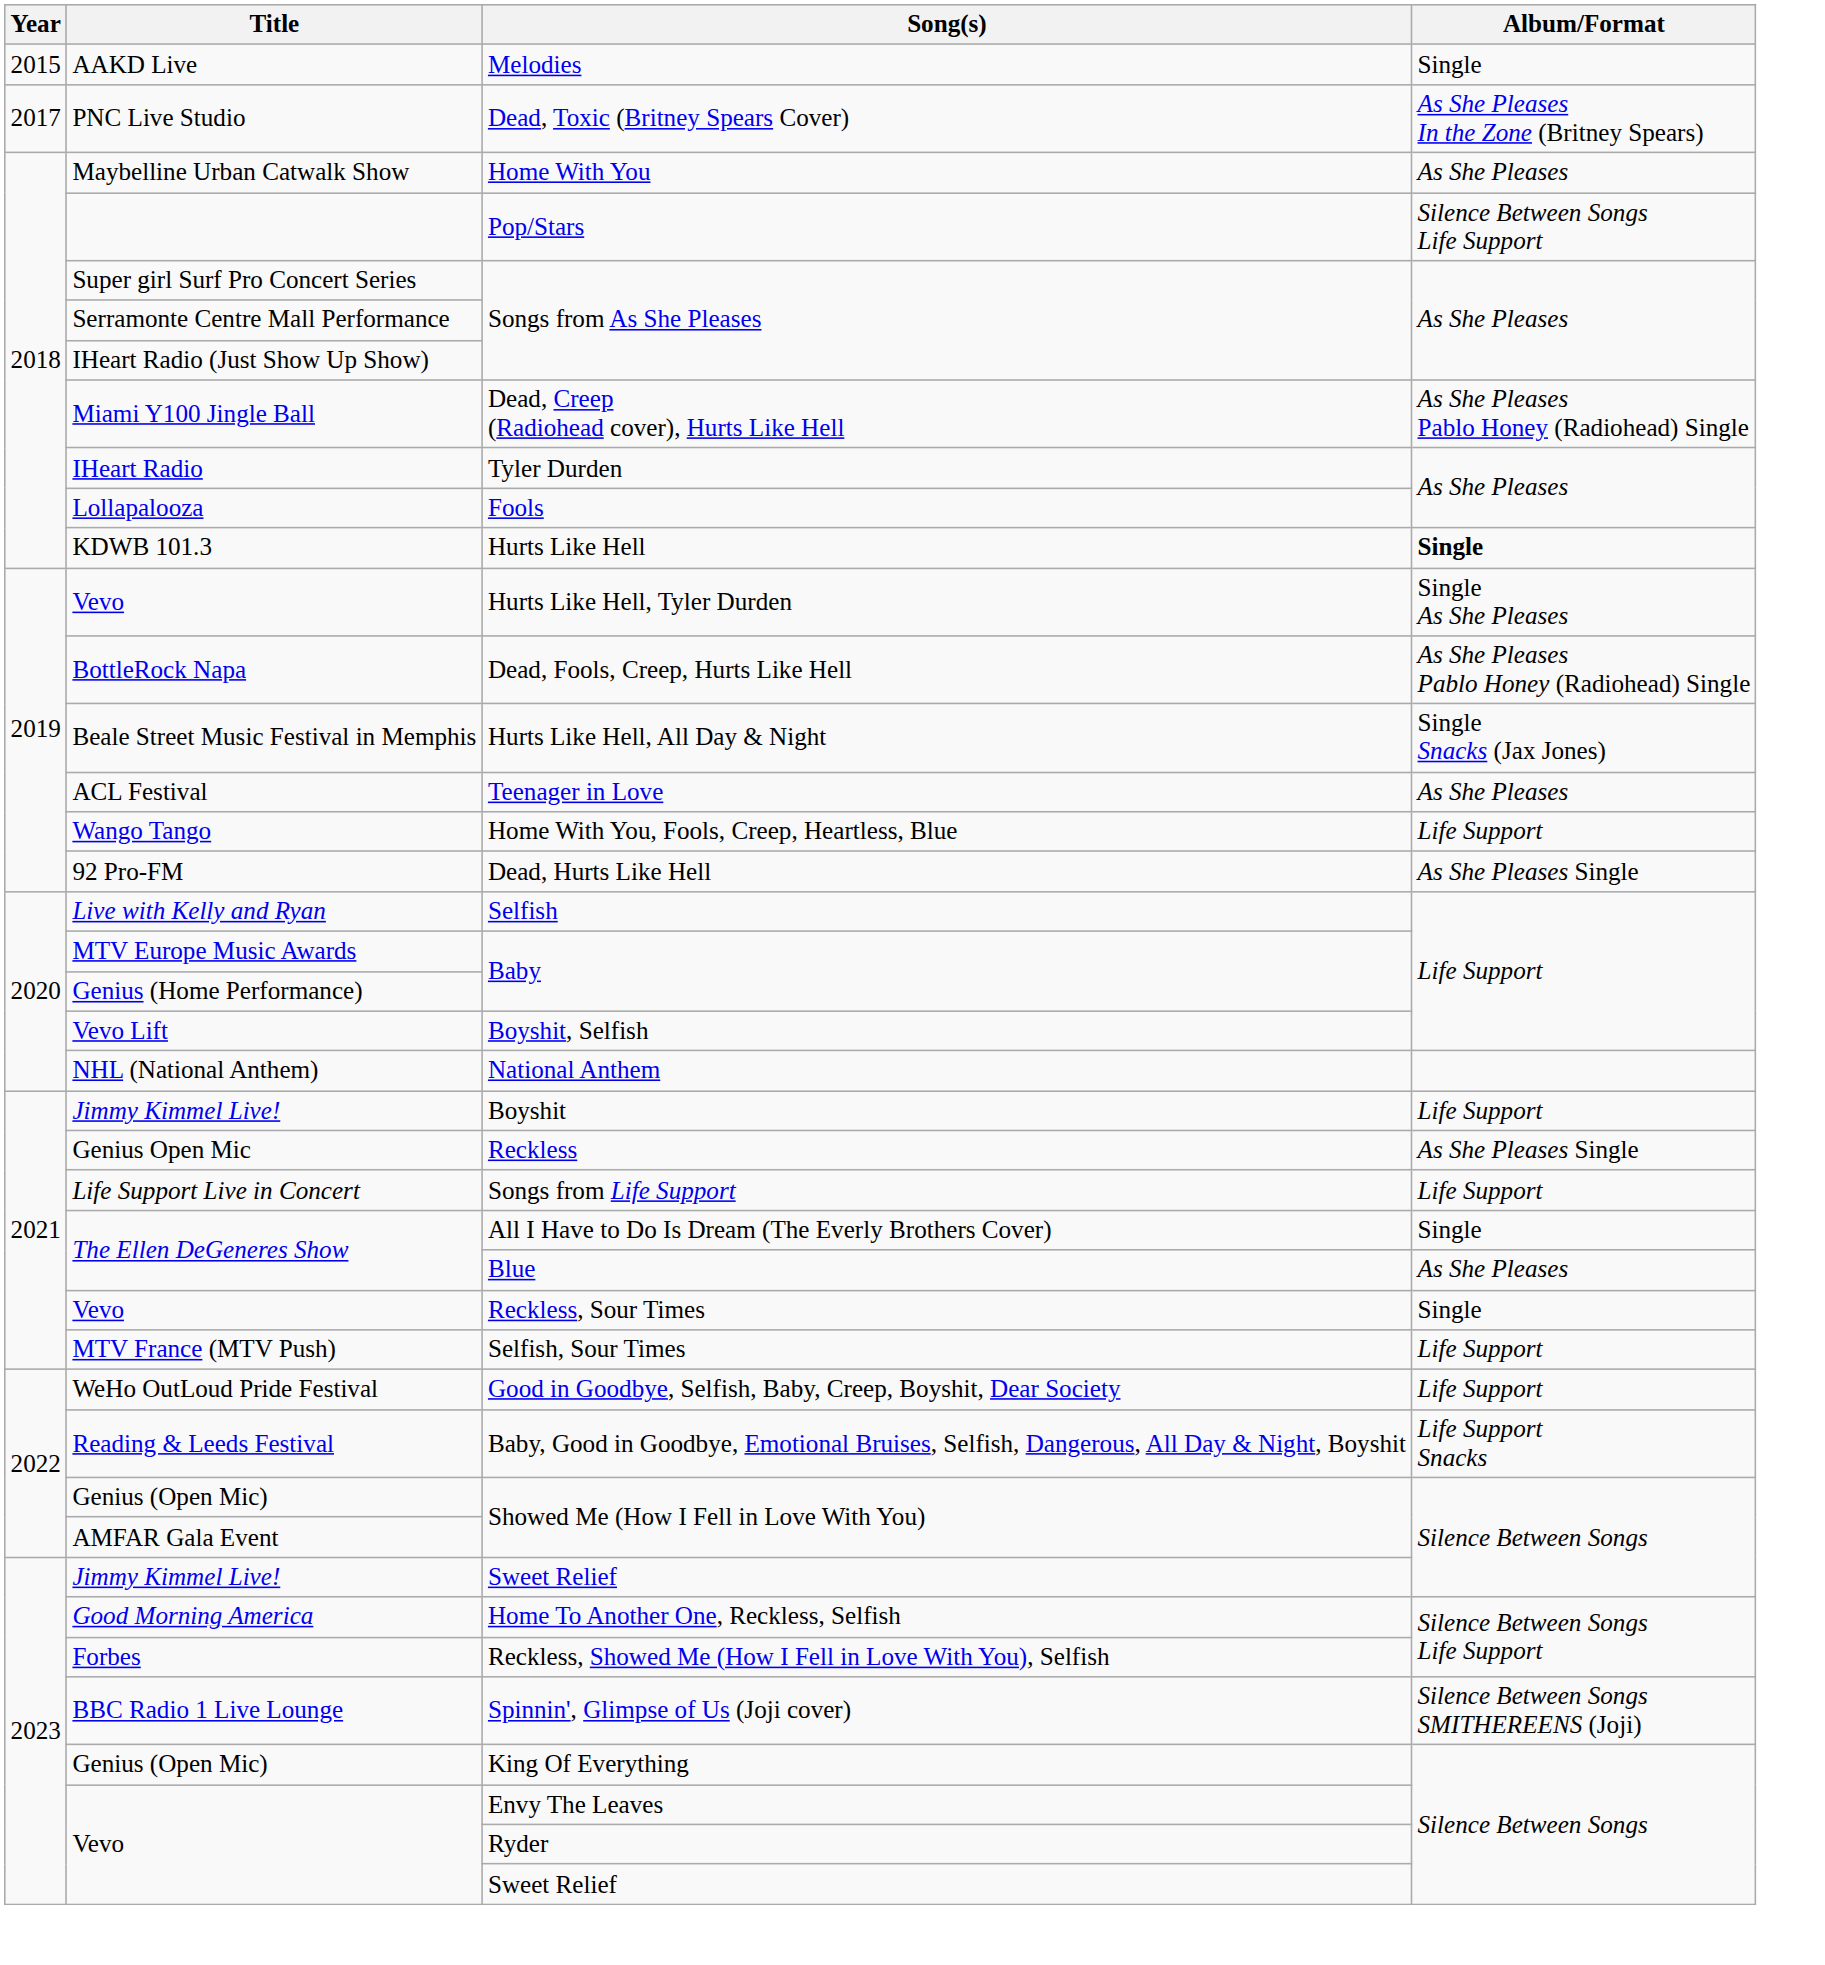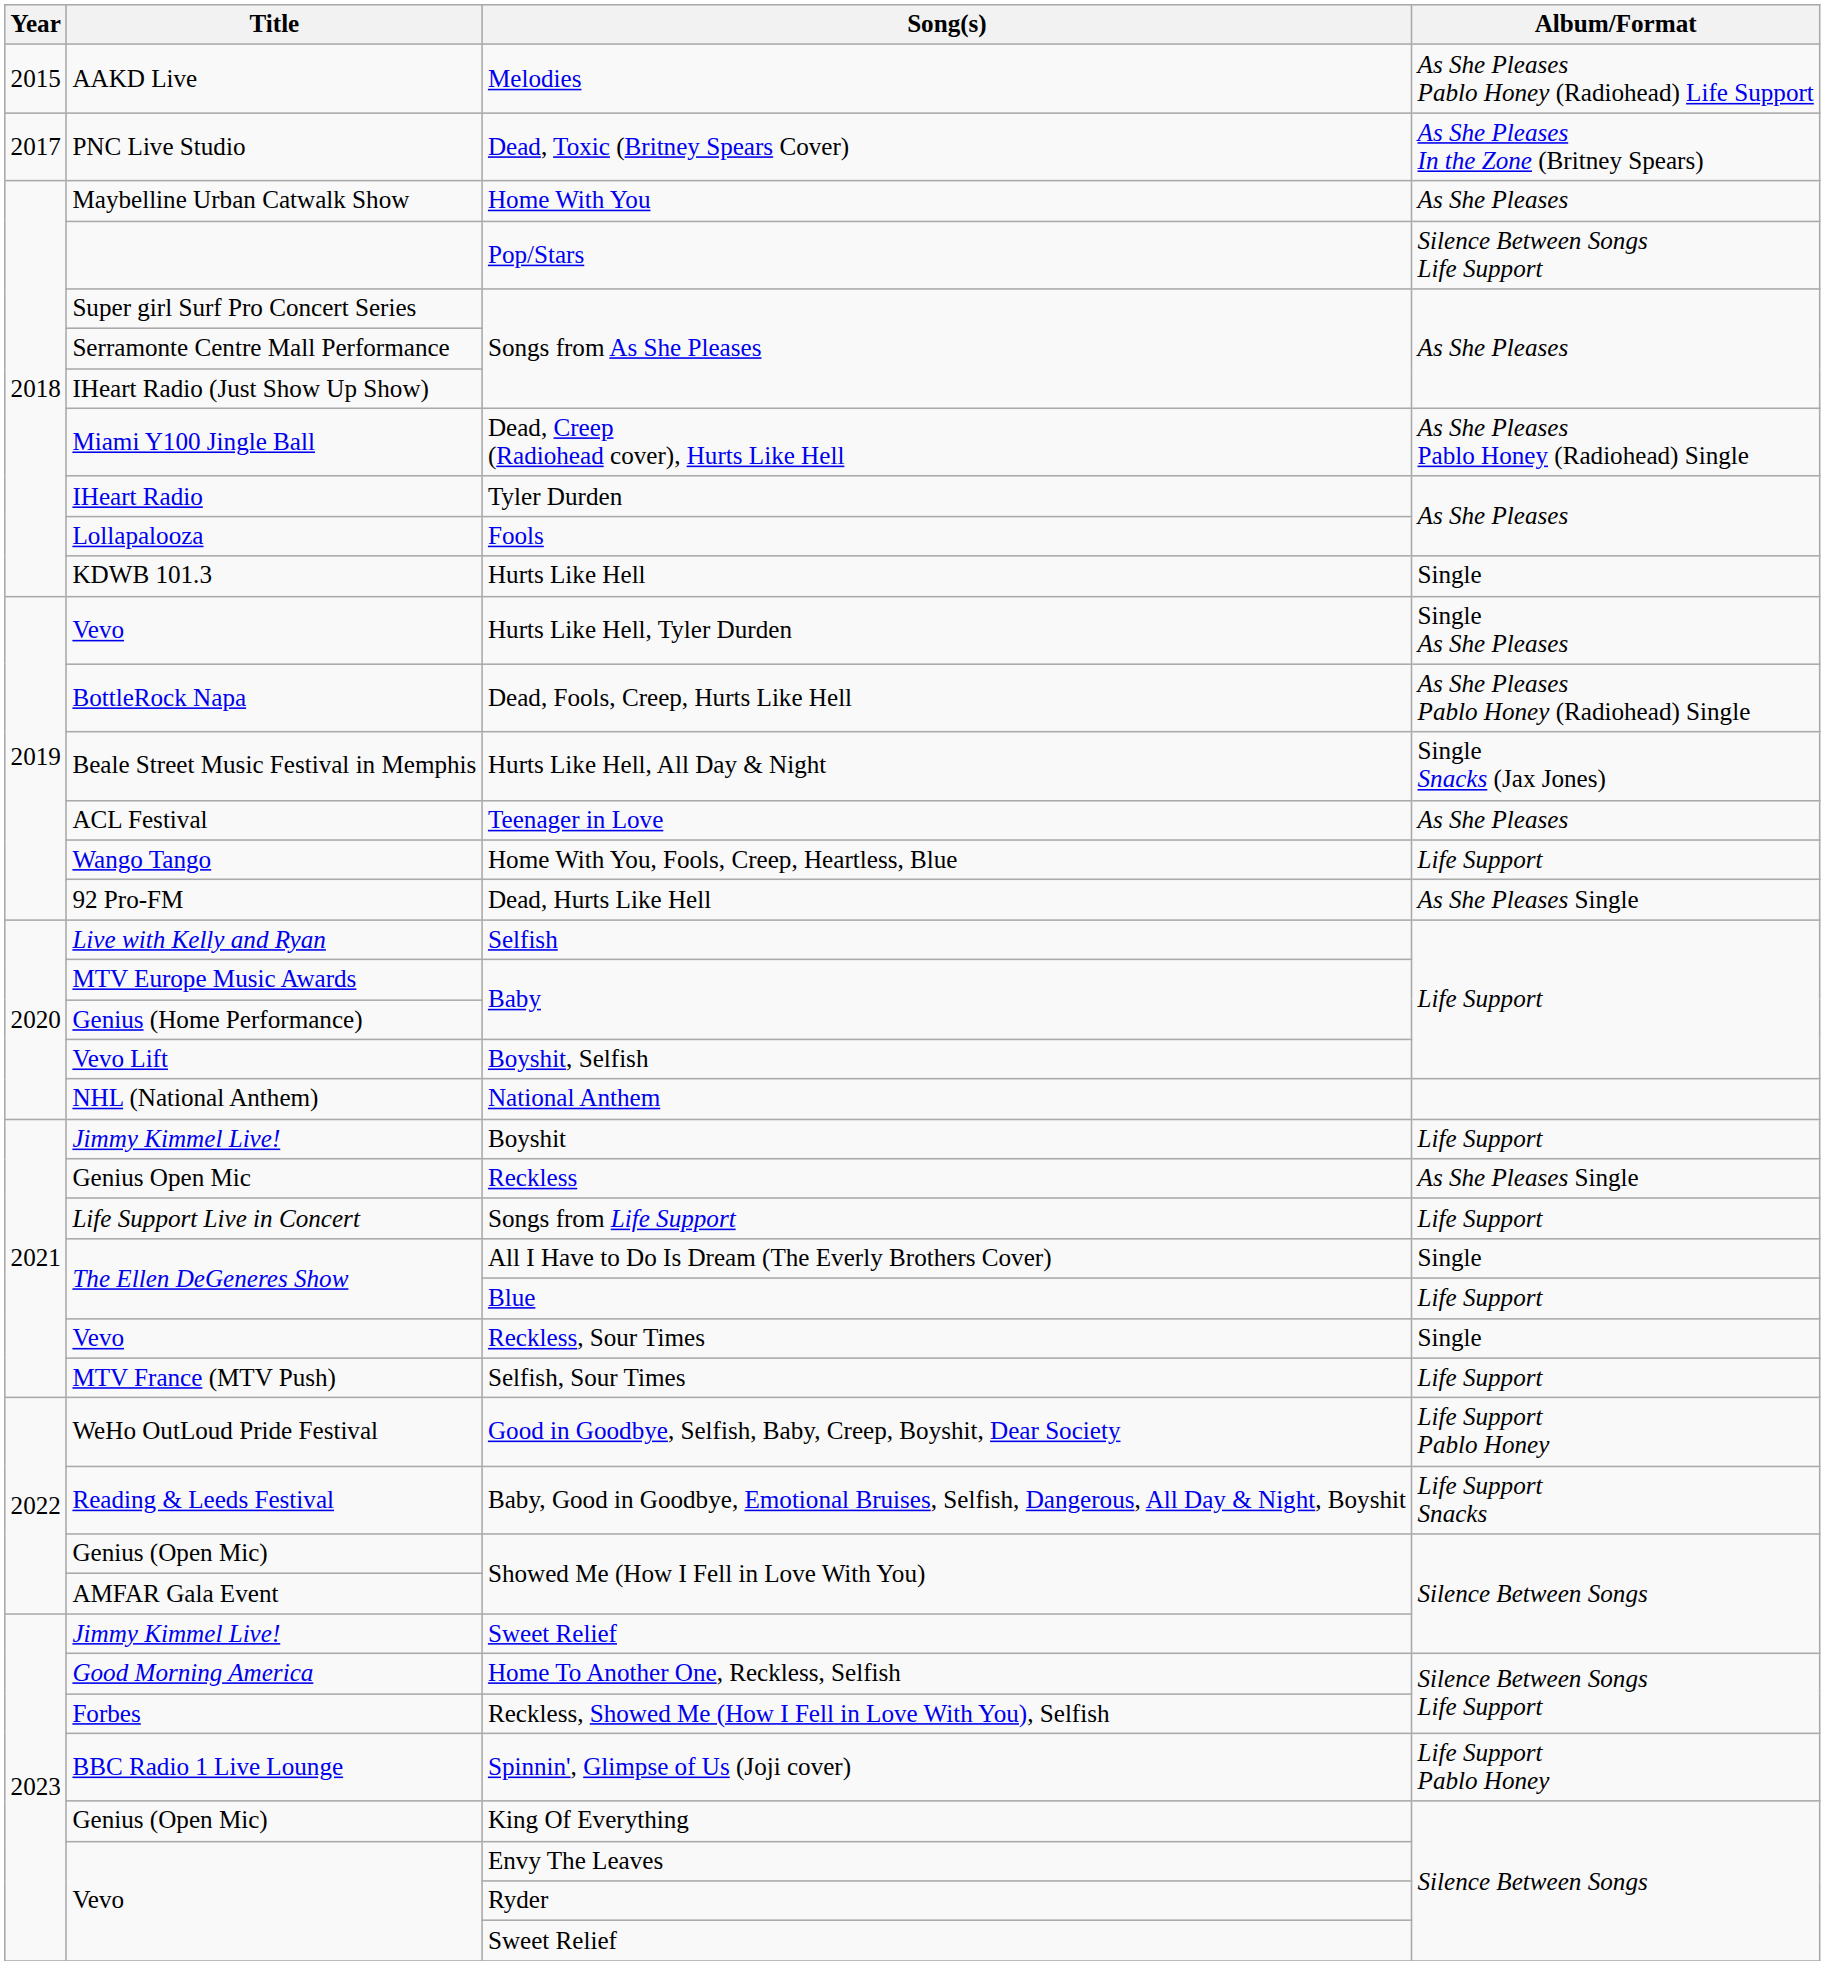 <table class="wikitable">
 <tr>
 <th>Year</th>
 <th>Title</th>
 <th>Song(s)</th>
 <th>Album/Format</th>
 </tr>
 <tr>
 <td>2015</td>
 <td>AAKD Live</td>
 <td><a href='#'>Melodies</a></td>
-<td>Single</td>
+<td><em>As She Pleases</em><br><em>Pablo Honey</em> (Radiohead) <a href='#'>Life Support</a></td>
 </tr>
 <tr>
 <td>2017</td>
 <td>PNC Live Studio</td>
 <td><a href='#'>Dead</a>, <a href='#'>Toxic</a> (<a href='#'>Britney Spears</a> Cover)</td>
 <td><em><a href='#'>As She Pleases</a></em><br><em><a href='#'>In the Zone</a></em> (Britney Spears)</td>
 </tr>
 <tr>
 <td rowspan="9">2018</td>
 <td>Maybelline Urban Catwalk Show</td>
 <td><a href='#'>Home With You</a></td>
 <td><em>As She Pleases</em></td>
 </tr>
 <tr>
 <td></td>
 <td><a href='#'>Pop/Stars</a></td>
 <td><em>Silence Between Songs</em><br><em>Life Support</em></td>
 </tr>
 <tr>
 <td>Super girl Surf Pro Concert Series</td>
 <td rowspan="3">Songs from <a href='#'>As She Pleases</a></td>
 <td rowspan="3"><em>As She Pleases</em></td>
 </tr>
 <tr>
 <td>Serramonte Centre Mall Performance</td>
 </tr>
 <tr>
 <td>IHeart Radio (Just Show Up Show)</td>
 </tr>
 <tr>
 <td><a href='#'>Miami Y100 Jingle Ball</a></td>
 <td>Dead, <a href='#'>Creep</a><br>(<a href='#'>Radiohead</a> cover), <a href='#'>Hurts Like Hell</a></td>
 <td><em>As She Pleases</em><br><a href='#'>Pablo Honey</a> (Radiohead) Single</td>
 </tr>
 <tr>
 <td><a href='#'>IHeart Radio</a></td>
 <td>Tyler Durden</td>
 <td rowspan="2"><em>As She Pleases</em></td>
 </tr>
 <tr>
 <td><a href='#'>Lollapalooza</a></td>
 <td><a href='#'>Fools</a></td>
 </tr>
 <tr>
 <td>KDWB 101.3</td>
 <td>Hurts Like Hell</td>
-<td><strong>Single</strong></td>
+<td>Single</td>
 </tr>
 <tr>
 <td rowspan="6">2019</td>
 <td><a href='#'>Vevo</a></td>
 <td>Hurts Like Hell, Tyler Durden</td>
 <td>Single<br><em>As She Pleases</em></td>
 </tr>
 <tr>
 <td><a href='#'>BottleRock Napa</a></td>
 <td>Dead, Fools, Creep, Hurts Like Hell</td>
 <td><em>As She Pleases</em><br><em>Pablo Honey</em> (Radiohead) Single</td>
 </tr>
 <tr>
 <td>Beale Street Music Festival in Memphis</td>
 <td>Hurts Like Hell, All Day & Night</td>
 <td>Single<br><a href='#'><em>Snacks</em></a> (Jax Jones)</td>
 </tr>
 <tr>
 <td>ACL Festival</td>
 <td><a href='#'>Teenager in Love</a></td>
 <td><em>As She Pleases</em></td>
 </tr>
 <tr>
 <td><a href='#'>Wango Tango</a></td>
 <td>Home With You, Fools, Creep, Heartless, Blue</td>
 <td><em>Life Support</em></td>
 </tr>
 <tr>
 <td>92 Pro-FM</td>
 <td>Dead, Hurts Like Hell</td>
 <td><em>As She Pleases</em> Single</td>
 </tr>
 <tr>
 <td rowspan="5">2020</td>
 <td><em><a href='#'>Live with Kelly and Ryan</a></em></td>
 <td><a href='#'>Selfish</a></td>
 <td rowspan="4"><em>Life Support</em></td>
 </tr>
 <tr>
 <td><a href='#'>MTV Europe Music Awards</a></td>
 <td rowspan="2"><a href='#'>Baby</a></td>
 </tr>
 <tr>
 <td><a href='#'>Genius</a> (Home Performance)</td>
 </tr>
 <tr>
 <td><a href='#'>Vevo Lift</a></td>
 <td><a href='#'>Boyshit</a>, Selfish</td>
 </tr>
 <tr>
 <td><a href='#'>NHL</a> (National Anthem)</td>
 <td><a href='#'>National Anthem</a></td>
 <td></td>
 </tr>
 <tr>
 <td rowspan="7">2021</td>
 <td><em><a href='#'>Jimmy Kimmel Live!</a></em></td>
 <td>Boyshit</td>
 <td><em>Life Support</em></td>
 </tr>
 <tr>
 <td>Genius Open Mic</td>
 <td><a href='#'>Reckless</a></td>
 <td><em>As She Pleases</em> Single</td>
 </tr>
 <tr>
 <td><em>Life Support Live in Concert</em></td>
 <td>Songs from <em><a href='#'>Life Support</a></em></td>
 <td><em>Life Support</em></td>
 </tr>
 <tr>
 <td rowspan="2"><em><a href='#'>The Ellen DeGeneres Show</a></em></td>
 <td>All I Have to Do Is Dream (The Everly Brothers Cover)</td>
 <td>Single</td>
 </tr>
 <tr>
 <td><a href='#'>Blue</a></td>
-<td><em>As She Pleases</em></td>
+<td><em>Life Support</em></td>
 </tr>
 <tr>
 <td><a href='#'>Vevo</a></td>
 <td><a href='#'>Reckless</a>, Sour Times</td>
 <td>Single</td>
 </tr>
 <tr>
 <td><a href='#'>MTV France</a> (MTV Push)</td>
 <td>Selfish, Sour Times</td>
 <td><em>Life Support</em></td>
 </tr>
 <tr>
 <td rowspan="4">2022</td>
 <td>WeHo OutLoud Pride Festival</td>
 <td><a href='#'>Good in Goodbye</a>, Selfish, Baby, Creep, Boyshit, <a href='#'>Dear Society</a></td>
-<td><em>Life Support</em></td>
+<td><em>Life Support</em><br><em>Pablo Honey</em></td>
 </tr>
 <tr>
 <td><a href='#'>Reading & Leeds Festival</a></td>
 <td>Baby, Good in Goodbye, <a href='#'>Emotional Bruises</a>, Selfish, <a href='#'>Dangerous</a>, <a href='#'>All Day & Night</a>, Boyshit</td>
 <td><em>Life Support</em><br><em>Snacks</em></td>
 </tr>
 <tr>
 <td>Genius (Open Mic)</td>
 <td rowspan="2">Showed Me (How I Fell in Love With You)</td>
 <td rowspan="3"><em>Silence Between Songs</em></td>
 </tr>
 <tr>
 <td>AMFAR Gala Event</td>
 </tr>
 <tr>
 <td rowspan="8">2023</td>
 <td><em><a href='#'>Jimmy Kimmel Live!</a></em></td>
 <td><a href='#'>Sweet Relief</a></td>
 </tr>
 <tr>
 <td><em><a href='#'>Good Morning America</a></em></td>
 <td><a href='#'>Home To Another One</a>, Reckless, Selfish</td>
 <td rowspan="2"><em>Silence Between Songs</em><br><em>Life Support</em></td>
 </tr>
 <tr>
 <td><a href='#'>Forbes</a></td>
 <td>Reckless, <a href='#'>Showed Me (How I Fell in Love With You)</a>, Selfish</td>
 </tr>
 <tr>
 <td><a href='#'>BBC Radio 1 Live Lounge</a></td>
 <td><a href='#'>Spinnin'</a>, <a href='#'>Glimpse of Us</a> (Joji cover)</td>
-<td><em>Silence Between Songs</em><br><em>SMITHEREENS</em> (Joji)</td>
+<td><em>Life Support</em><br><em>Pablo Honey</em></td>
 </tr>
 <tr>
 <td>Genius (Open Mic)</td>
 <td>King Of Everything</td>
 <td rowspan="4"><em>Silence Between Songs</em></td>
 </tr>
 <tr>
 <td rowspan="3">Vevo</td>
 <td>Envy The Leaves</td>
 </tr>
 <tr>
 <td>Ryder</td>
 </tr>
 <tr>
 <td>Sweet Relief</td>
 </tr>
 </table>
